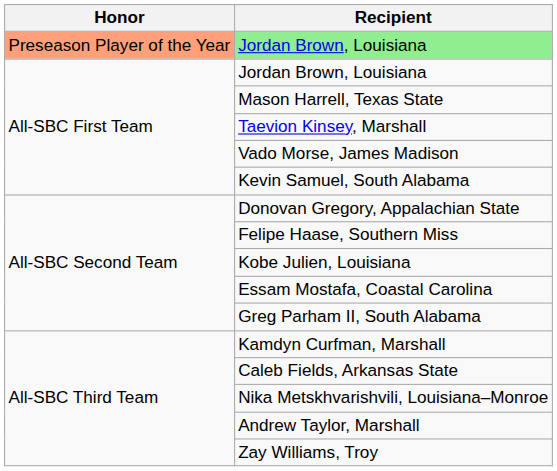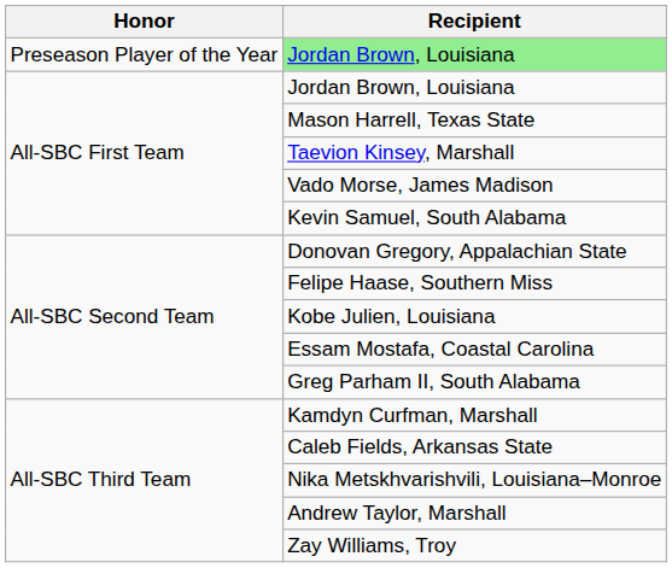 <table class="wikitable" border="1">
 <tr>
 <th>Honor</th>
 <th>Recipient</th>
 </tr>
 <tr>
-<td style="background: lightsalmon;">Preseason Player of the Year</td>
+<td>Preseason Player of the Year</td>
 <td style="background: lightgreen;"><a href='#'>Jordan Brown</a>, Louisiana</td>
 </tr>
 <tr>
 <td rowspan=5 valign=middle>All-SBC First Team</td>
 <td>Jordan Brown, Louisiana</td>
 </tr>
 <tr>
 <td>Mason Harrell, Texas State</td>
 </tr>
 <tr>
 <td><a href='#'>Taevion Kinsey</a>, Marshall</td>
 </tr>
 <tr>
 <td>Vado Morse, James Madison</td>
 </tr>
 <tr>
 <td>Kevin Samuel, South Alabama</td>
 </tr>
 <tr>
 <td rowspan=5 valign=middle>All-SBC Second Team</td>
 <td>Donovan Gregory, Appalachian State</td>
 </tr>
 <tr>
 <td>Felipe Haase, Southern Miss</td>
 </tr>
 <tr>
 <td>Kobe Julien, Louisiana</td>
 </tr>
 <tr>
 <td>Essam Mostafa, Coastal Carolina</td>
 </tr>
 <tr>
 <td>Greg Parham II, South Alabama</td>
 </tr>
 <tr>
 <td rowspan=5 valign=middle>All-SBC Third Team</td>
 <td>Kamdyn Curfman, Marshall</td>
 </tr>
 <tr>
 <td>Caleb Fields, Arkansas State</td>
 </tr>
 <tr>
 <td>Nika Metskhvarishvili, Louisiana–Monroe</td>
 </tr>
 <tr>
 <td>Andrew Taylor, Marshall</td>
 </tr>
 <tr>
 <td>Zay Williams, Troy</td>
 </tr>
 </table>
